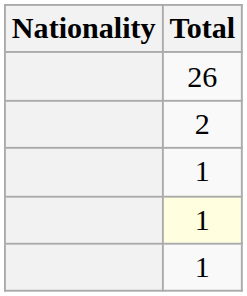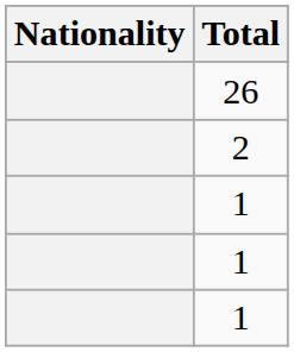 <table class="sortable wikitable plainrowheaders">
 <tr>
 <th scope="col">Nationality</th>
 <th scope="col">Total</th>
 </tr>
 <tr>
 <th scope="row"></th>
 <td style="text-align:center">26</td>
 </tr>
 <tr>
 <th scope="row"></th>
 <td style="text-align:center">2</td>
 </tr>
 <tr>
 <th scope="row"></th>
 <td style="text-align:center">1</td>
 </tr>
 <tr>
 <th scope="row"></th>
-<td style="background: lightyellow; text-align:center">1</td>
+<td style="text-align:center">1</td>
 </tr>
 <tr>
 <th scope="row"></th>
 <td style="text-align:center">1</td>
 </tr>
 </table>
